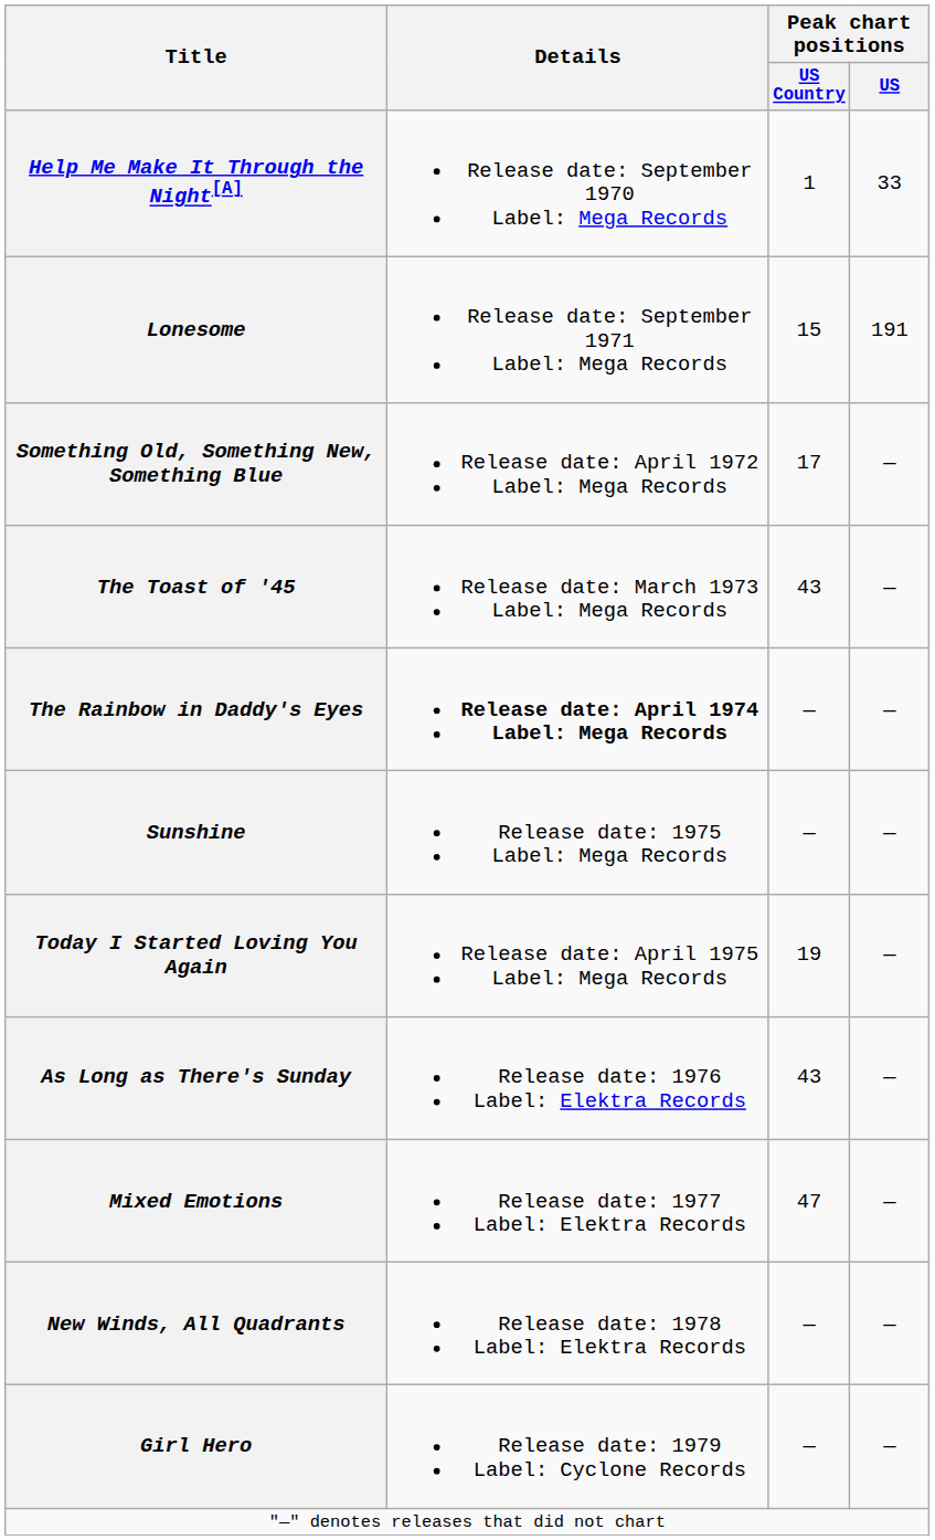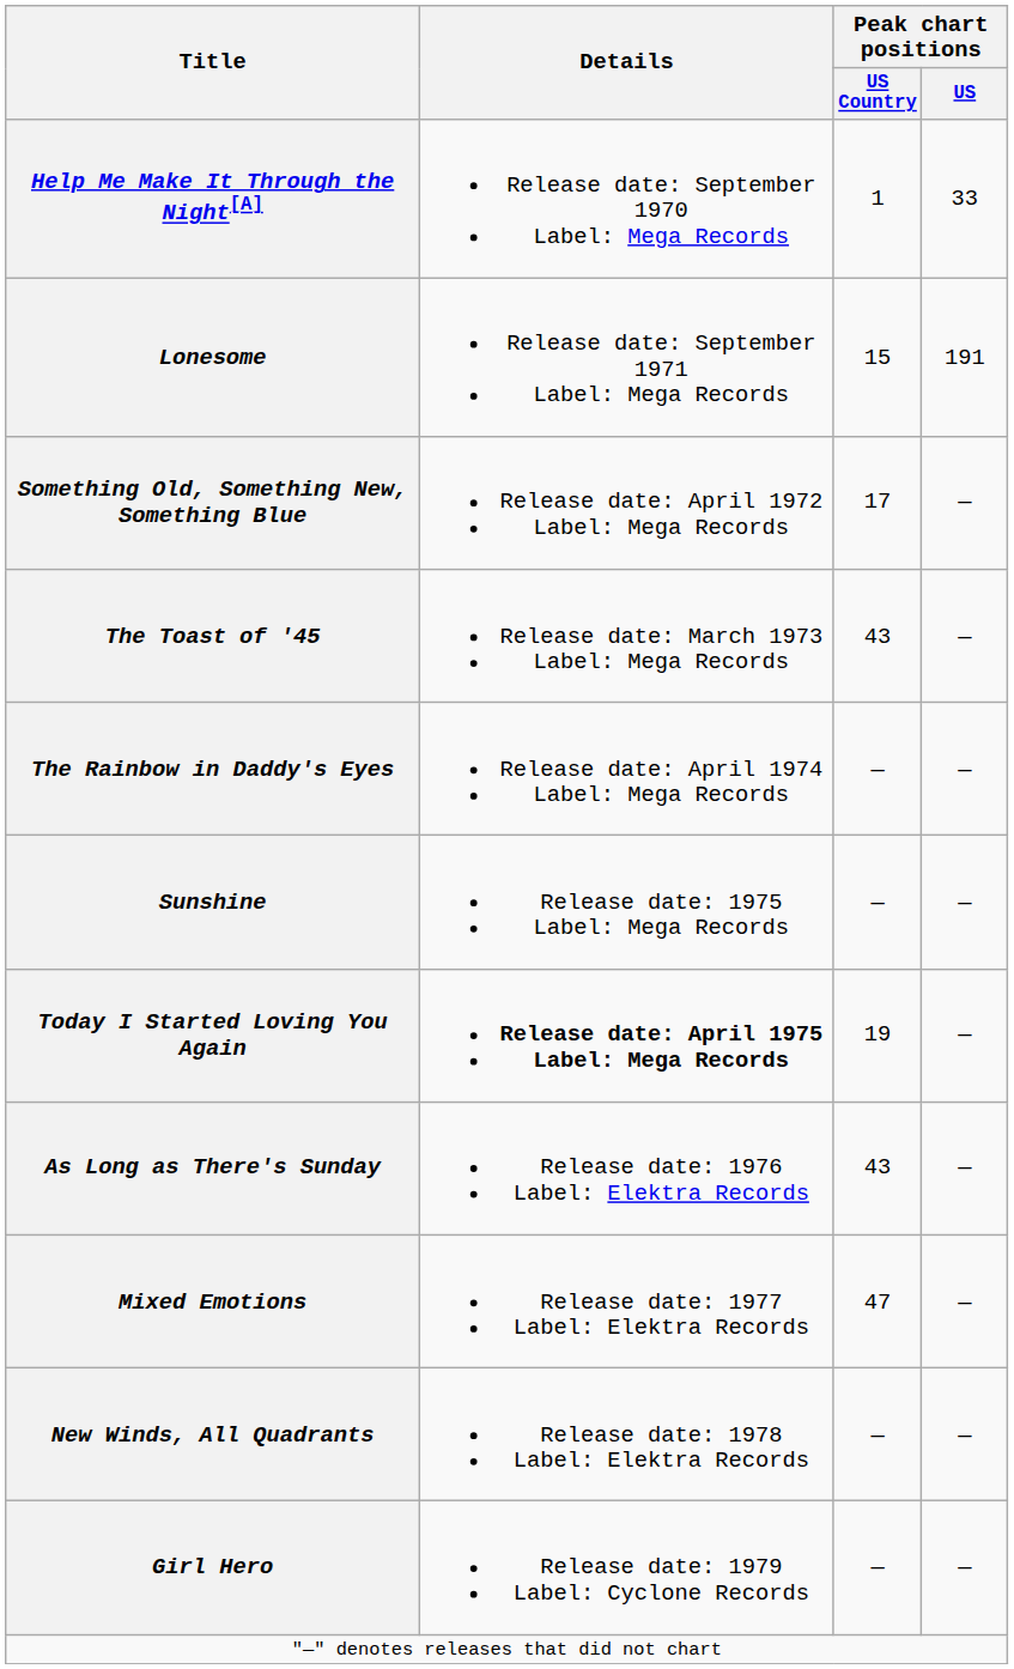 <table class="wikitable plainrowheaders" style="text-align:center;">
 <tr>
 <th rowspan="2" style="width:18em;">Title</th>
 <th rowspan="2" style="width:18em;">Details</th>
 <th colspan="2">Peak chart<br>positions</th>
 </tr>
 <tr style="font-size:smaller;">
 <th width="45"><a href='#'>US Country</a><br></th>
 <th width="45"><a href='#'>US</a><br></th>
 </tr>
 <tr>
 <th scope="row"><em><a href='#'>Help Me Make It Through the Night</a></em><sup><span></span><a href='#'><strong>[A]</strong></a></sup></th>
 <td><br><ul><li>Release date: September 1970</li><li>Label: <a href='#'>Mega Records</a></li></ul></td>
 <td>1</td>
 <td>33</td>
 </tr>
 <tr>
 <th scope="row"><em>Lonesome</em></th>
 <td><br><ul><li>Release date: September 1971</li><li>Label: Mega Records</li></ul></td>
 <td>15</td>
 <td>191</td>
 </tr>
 <tr>
 <th scope="row"><em>Something Old, Something New,<br>Something Blue</em></th>
 <td><br><ul><li>Release date: April 1972</li><li>Label: Mega Records</li></ul></td>
 <td>17</td>
 <td>—</td>
 </tr>
 <tr>
 <th scope="row"><em>The Toast of '45</em></th>
 <td><br><ul><li>Release date: March 1973</li><li>Label: Mega Records</li></ul></td>
 <td>43</td>
 <td>—</td>
 </tr>
 <tr>
 <th scope="row"><em>The Rainbow in Daddy's Eyes</em></th>
-<td><strong><br><ul><li>Release date: April 1974</li><li>Label: Mega Records</li></ul></strong></td>
+<td><br><ul><li>Release date: April 1974</li><li>Label: Mega Records</li></ul></td>
 <td>—</td>
 <td>—</td>
 </tr>
 <tr>
 <th scope="row"><em>Sunshine</em></th>
 <td><br><ul><li>Release date: 1975</li><li>Label: Mega Records</li></ul></td>
 <td>—</td>
 <td>—</td>
 </tr>
 <tr>
 <th scope="row"><em>Today I Started Loving You Again</em></th>
-<td><br><ul><li>Release date: April 1975</li><li>Label: Mega Records</li></ul></td>
+<td><strong><br><ul><li>Release date: April 1975</li><li>Label: Mega Records</li></ul></strong></td>
 <td>19</td>
 <td>—</td>
 </tr>
 <tr>
 <th scope="row"><em>As Long as There's Sunday </em></th>
 <td><br><ul><li>Release date: 1976</li><li>Label: <a href='#'>Elektra Records</a></li></ul></td>
 <td>43</td>
 <td>—</td>
 </tr>
 <tr>
 <th scope="row"><em>Mixed Emotions</em></th>
 <td><br><ul><li>Release date: 1977</li><li>Label: Elektra Records</li></ul></td>
 <td>47</td>
 <td>—</td>
 </tr>
 <tr>
 <th scope="row"><em>New Winds, All Quadrants </em></th>
 <td><br><ul><li>Release date: 1978</li><li>Label: Elektra Records</li></ul></td>
 <td>—</td>
 <td>—</td>
 </tr>
 <tr>
 <th scope="row"><em>Girl Hero</em></th>
 <td><br><ul><li>Release date: 1979</li><li>Label: Cyclone Records</li></ul></td>
 <td>—</td>
 <td>—</td>
 </tr>
 <tr>
 <td colspan="4" style="font-size: 8pt">"—" denotes releases that did not chart</td>
 </tr>
 <tr>
 </tr>
 </table>
